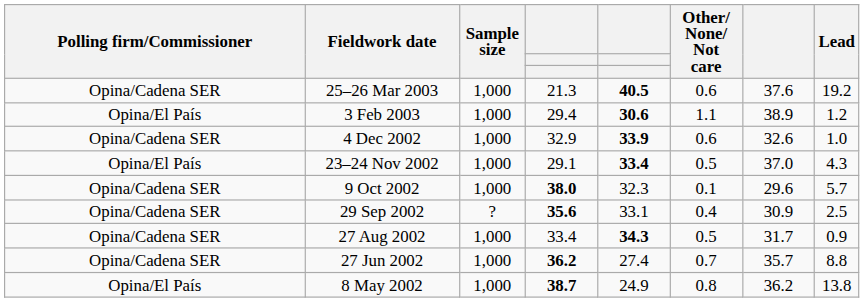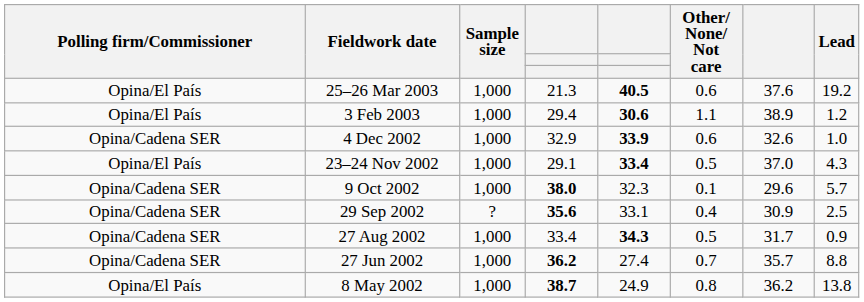 <table class="wikitable collapsible collapsed" style="text-align:center; font-size:90%; line-height:14px;">
 <tr style="height:42px;">
 <th style="width:250px;" rowspan="3">Polling firm/Commissioner</th>
 <th style="width:125px;" rowspan="3">Fieldwork date</th>
 <th style="width:50px;" rowspan="3">Sample size</th>
 <th style="width:55px;"></th>
 <th style="width:55px;"></th>
 <th style="width:55px;" rowspan="3">Other/<br>None/<br>Not<br>care</th>
 <th style="width:55px;" rowspan="3"></th>
 <th style="width:30px;" rowspan="3">Lead</th>
 </tr>
 <tr>
 <th style="color:inherit;background:"></th>
 <th style="color:inherit;background:"></th>
 </tr>
 <tr>
 <th></th>
 <th></th>
 </tr>
 <tr>
-<td>Opina/Cadena SER</td>
+<td>Opina/El País</td>
 <td>25–26 Mar 2003</td>
 <td>1,000</td>
 <td>21.3</td>
 <td><strong>40.5</strong></td>
 <td>0.6</td>
 <td>37.6</td>
 <td style="background:">19.2</td>
 </tr>
 <tr>
 <td>Opina/El País</td>
 <td>3 Feb 2003</td>
 <td>1,000</td>
 <td>29.4</td>
 <td><strong>30.6</strong></td>
 <td>1.1</td>
 <td>38.9</td>
 <td style="background:">1.2</td>
 </tr>
 <tr>
 <td>Opina/Cadena SER</td>
 <td>4 Dec 2002</td>
 <td>1,000</td>
 <td>32.9</td>
 <td><strong>33.9</strong></td>
 <td>0.6</td>
 <td>32.6</td>
 <td style="background:">1.0</td>
 </tr>
 <tr>
 <td>Opina/El País</td>
 <td>23–24 Nov 2002</td>
 <td>1,000</td>
 <td>29.1</td>
 <td><strong>33.4</strong></td>
 <td>0.5</td>
 <td>37.0</td>
 <td style="background:">4.3</td>
 </tr>
 <tr>
 <td>Opina/Cadena SER</td>
 <td>9 Oct 2002</td>
 <td>1,000</td>
 <td><strong>38.0</strong></td>
 <td>32.3</td>
 <td>0.1</td>
 <td>29.6</td>
 <td style="background:">5.7</td>
 </tr>
 <tr>
 <td>Opina/Cadena SER</td>
 <td>29 Sep 2002</td>
 <td>?</td>
 <td><strong>35.6</strong></td>
 <td>33.1</td>
 <td>0.4</td>
 <td>30.9</td>
 <td style="background:">2.5</td>
 </tr>
 <tr>
 <td>Opina/Cadena SER</td>
 <td>27 Aug 2002</td>
 <td>1,000</td>
 <td>33.4</td>
 <td><strong>34.3</strong></td>
 <td>0.5</td>
 <td>31.7</td>
 <td style="background:">0.9</td>
 </tr>
 <tr>
 <td>Opina/Cadena SER</td>
 <td>27 Jun 2002</td>
 <td>1,000</td>
 <td><strong>36.2</strong></td>
 <td>27.4</td>
 <td>0.7</td>
 <td>35.7</td>
 <td style="background:">8.8</td>
 </tr>
 <tr>
 <td>Opina/El País</td>
 <td>8 May 2002</td>
 <td>1,000</td>
 <td><strong>38.7</strong></td>
 <td>24.9</td>
 <td>0.8</td>
 <td>36.2</td>
 <td style="background:">13.8</td>
 </tr>
 </table>
